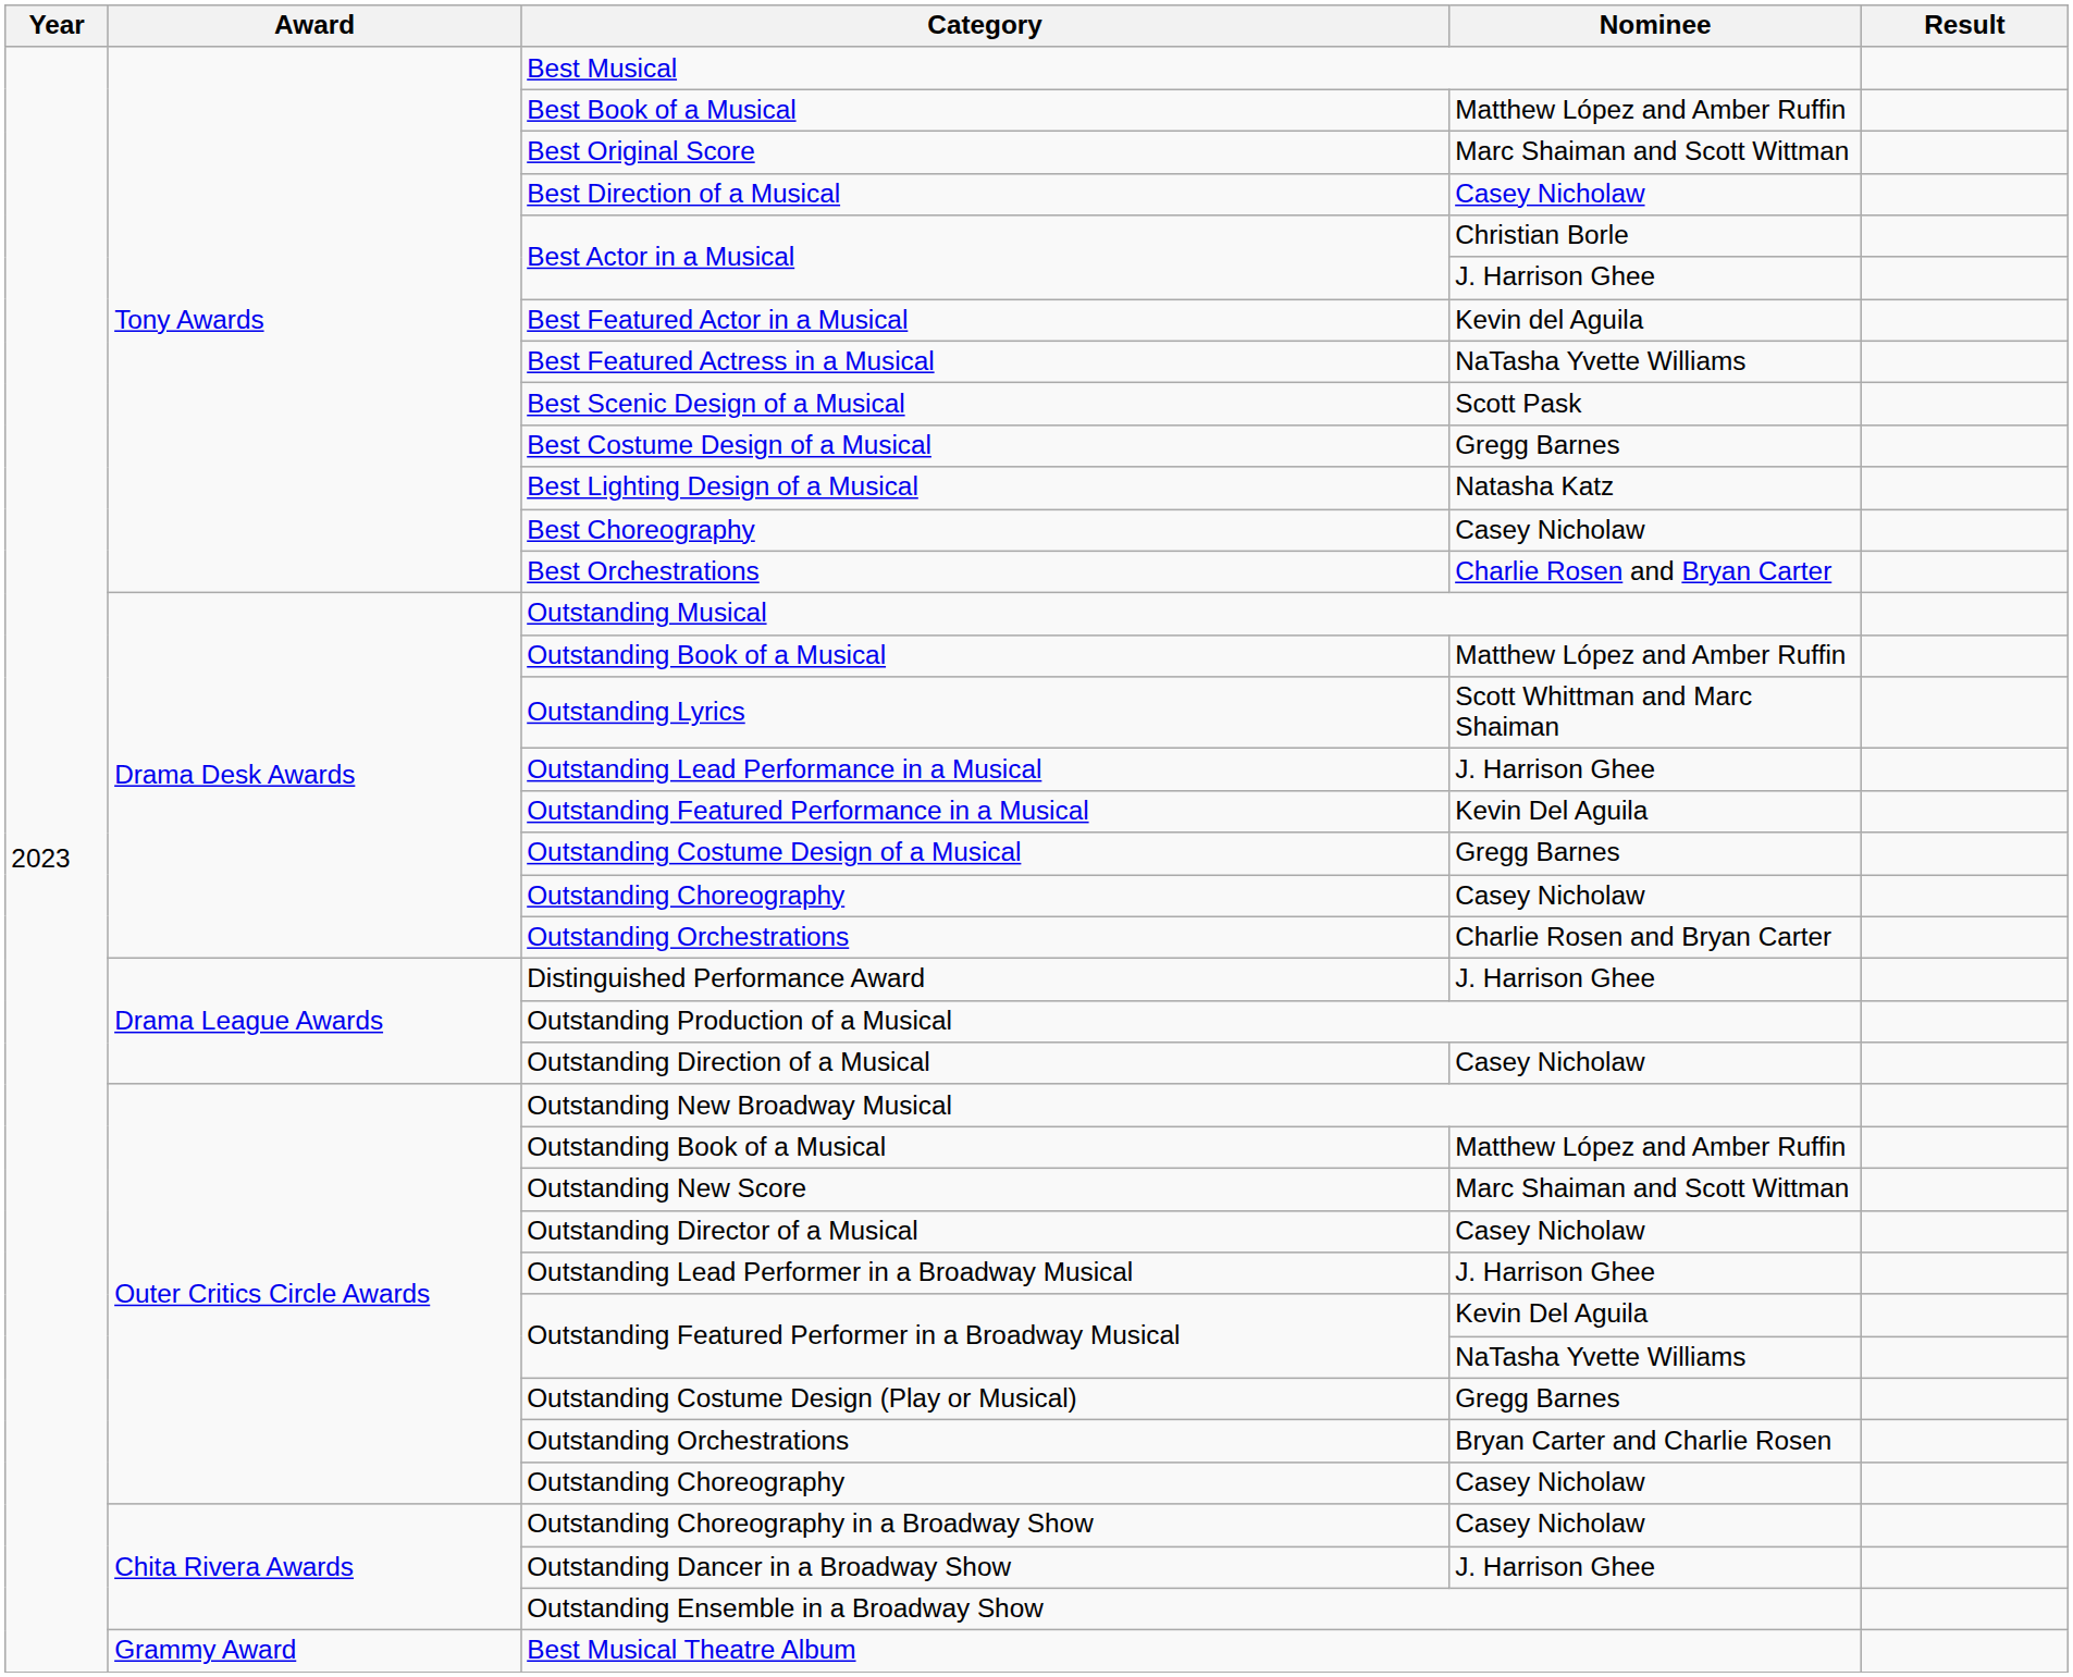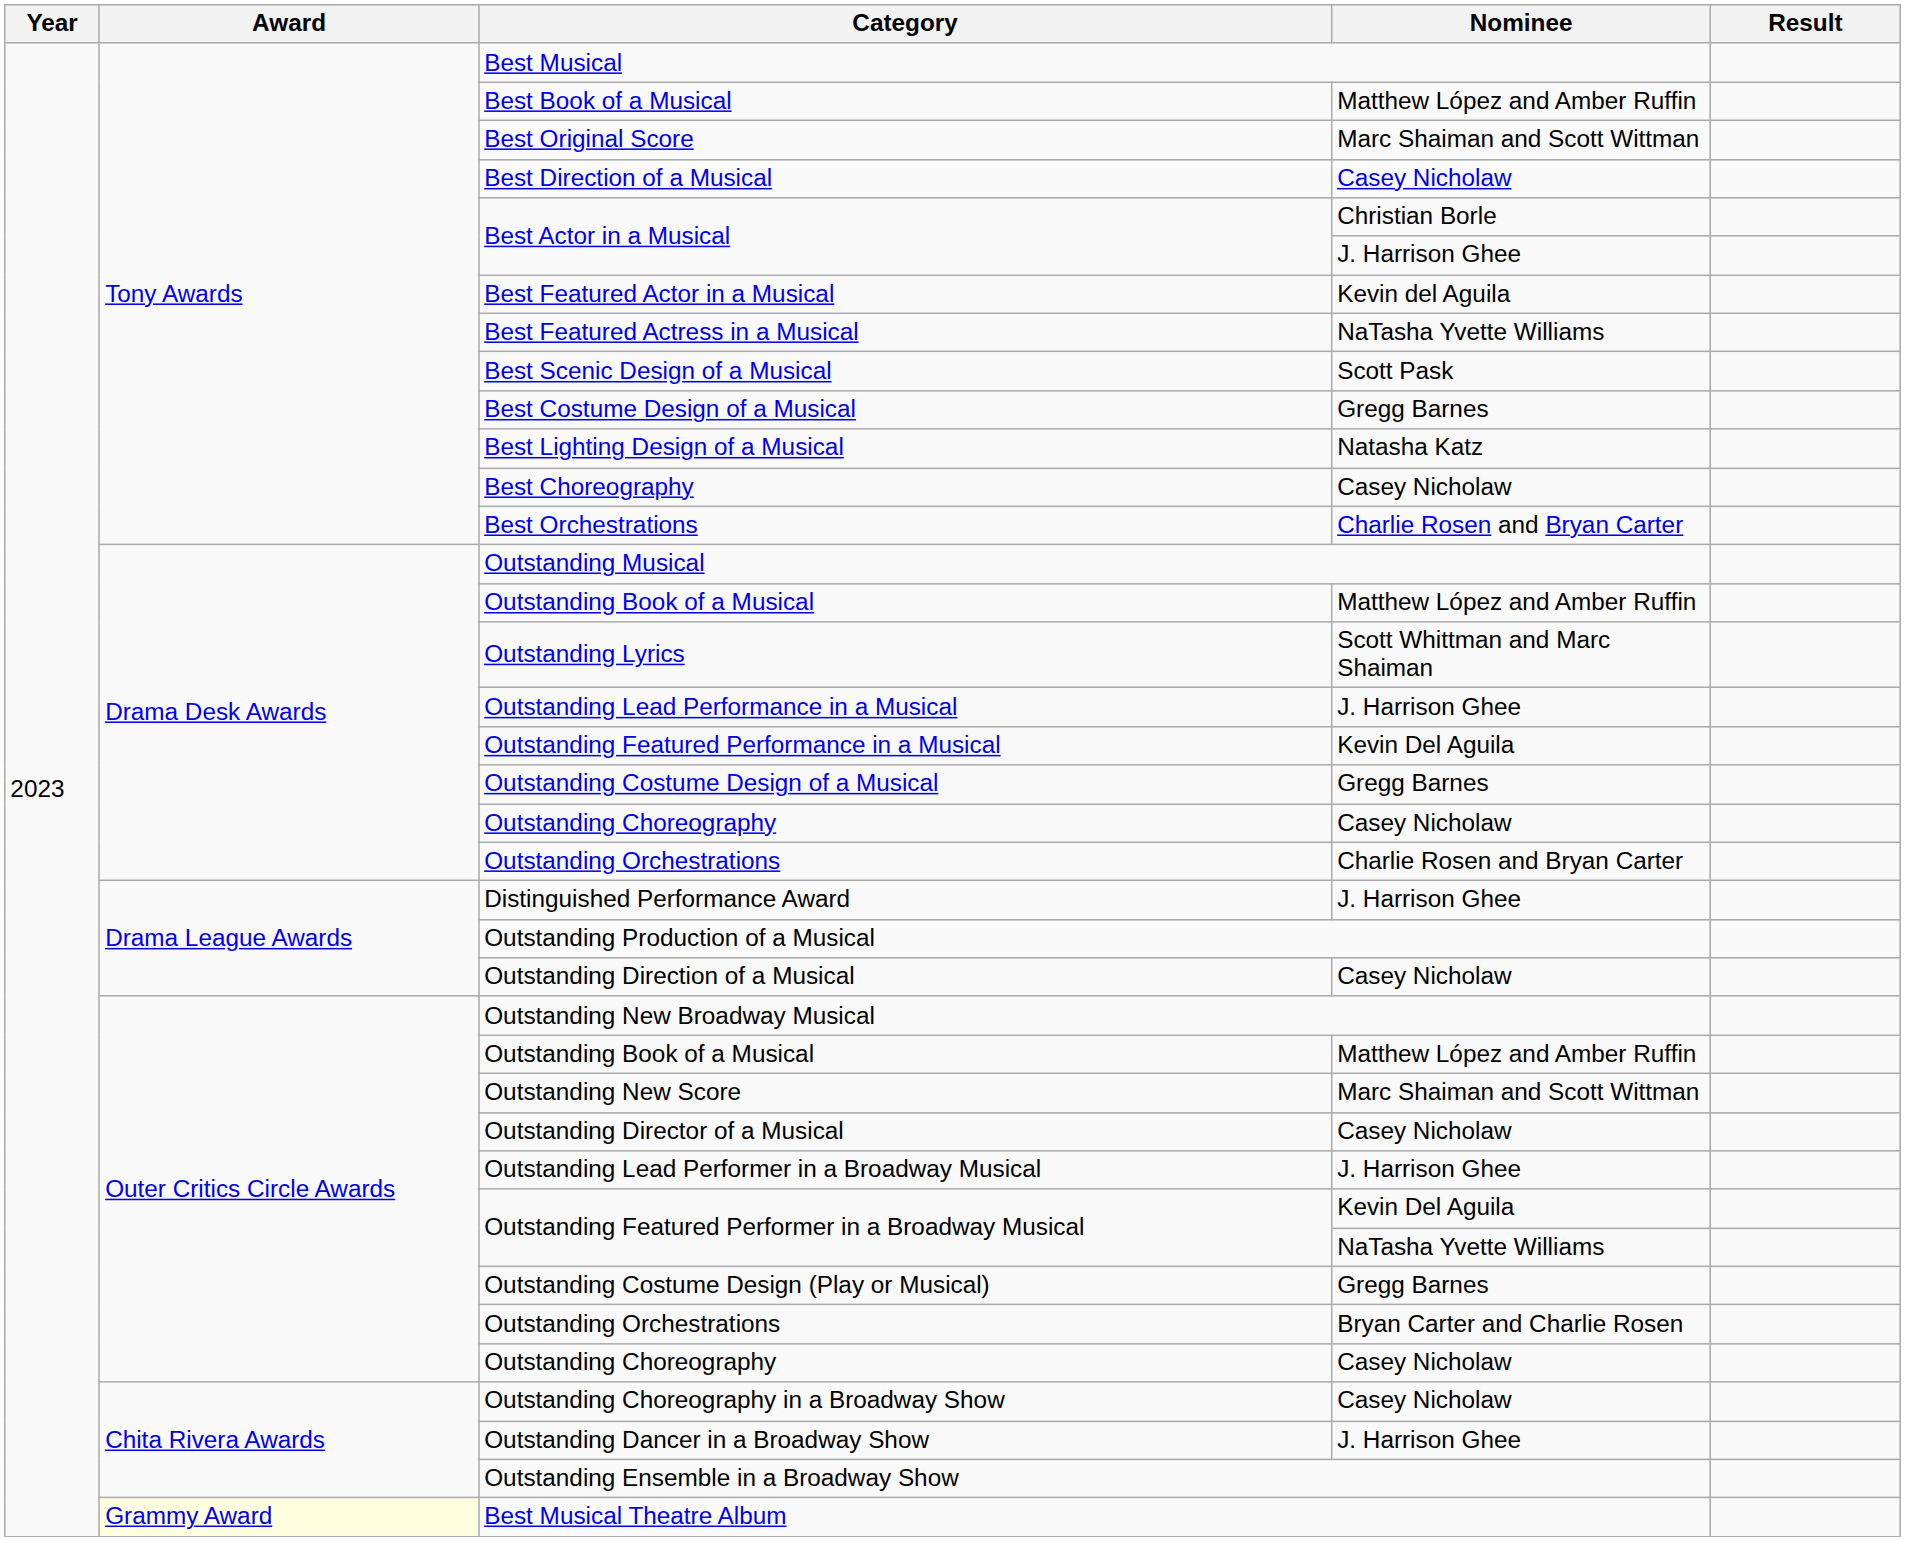 <table class="wikitable">
 <tr>
 <th width="5%">Year</th>
 <th width="20%">Award</th>
 <th width="45%">Category</th>
 <th width="20%">Nominee</th>
 <th width="10%">Result</th>
 </tr>
 <tr>
 <td rowspan="38">2023</td>
 <td rowspan="13"><a href='#'>Tony Awards</a></td>
 <td colspan="2"><a href='#'>Best Musical</a></td>
 <td></td>
 </tr>
 <tr>
 <td><a href='#'>Best Book of a Musical</a></td>
 <td>Matthew López and Amber Ruffin</td>
 <td></td>
 </tr>
 <tr>
 <td><a href='#'>Best Original Score</a></td>
 <td>Marc Shaiman and Scott Wittman</td>
 <td></td>
 </tr>
 <tr>
 <td><a href='#'>Best Direction of a Musical</a></td>
 <td><a href='#'>Casey Nicholaw</a></td>
 <td></td>
 </tr>
 <tr>
 <td rowspan="2"><a href='#'>Best Actor in a Musical</a></td>
 <td>Christian Borle</td>
 <td></td>
 </tr>
 <tr>
 <td>J. Harrison Ghee</td>
 <td></td>
 </tr>
 <tr>
 <td><a href='#'>Best Featured Actor in a Musical</a></td>
 <td>Kevin del Aguila</td>
 <td></td>
 </tr>
 <tr>
 <td><a href='#'>Best Featured Actress in a Musical</a></td>
 <td>NaTasha Yvette Williams</td>
 <td></td>
 </tr>
 <tr>
 <td><a href='#'>Best Scenic Design of a Musical</a></td>
 <td>Scott Pask</td>
 <td></td>
 </tr>
 <tr>
 <td><a href='#'>Best Costume Design of a Musical</a></td>
 <td>Gregg Barnes</td>
 <td></td>
 </tr>
 <tr>
 <td><a href='#'>Best Lighting Design of a Musical</a></td>
 <td>Natasha Katz</td>
 <td></td>
 </tr>
 <tr>
 <td><a href='#'>Best Choreography</a></td>
 <td>Casey Nicholaw</td>
 <td></td>
 </tr>
 <tr>
 <td><a href='#'>Best Orchestrations</a></td>
 <td><a href='#'>Charlie Rosen</a> and <a href='#'>Bryan Carter</a></td>
 <td></td>
 </tr>
 <tr>
 <td rowspan="8"><a href='#'>Drama Desk Awards</a></td>
 <td colspan="2"><a href='#'>Outstanding Musical</a></td>
 <td></td>
 </tr>
 <tr>
 <td><a href='#'>Outstanding Book of a Musical</a></td>
 <td>Matthew López and Amber Ruffin</td>
 <td></td>
 </tr>
 <tr>
 <td><a href='#'>Outstanding Lyrics</a></td>
 <td>Scott Whittman and Marc Shaiman</td>
 <td></td>
 </tr>
 <tr>
 <td><a href='#'>Outstanding Lead Performance in a Musical</a></td>
 <td>J. Harrison Ghee</td>
 <td></td>
 </tr>
 <tr>
 <td><a href='#'>Outstanding Featured Performance in a Musical</a></td>
 <td>Kevin Del Aguila</td>
 <td></td>
 </tr>
 <tr>
 <td><a href='#'>Outstanding Costume Design of a Musical</a></td>
 <td>Gregg Barnes</td>
 <td></td>
 </tr>
 <tr>
 <td><a href='#'>Outstanding Choreography</a></td>
 <td>Casey Nicholaw</td>
 <td></td>
 </tr>
 <tr>
 <td><a href='#'>Outstanding Orchestrations</a></td>
 <td>Charlie Rosen and Bryan Carter</td>
 <td></td>
 </tr>
 <tr>
 <td rowspan="3"><a href='#'>Drama League Awards</a></td>
 <td>Distinguished Performance Award</td>
 <td>J. Harrison Ghee</td>
 <td></td>
 </tr>
 <tr>
 <td colspan="2">Outstanding Production of a Musical</td>
 <td></td>
 </tr>
 <tr>
 <td>Outstanding Direction of a Musical</td>
 <td>Casey Nicholaw</td>
 <td></td>
 </tr>
 <tr>
 <td rowspan="10"><a href='#'>Outer Critics Circle Awards</a></td>
 <td colspan="2">Outstanding New Broadway Musical</td>
 <td></td>
 </tr>
 <tr>
 <td>Outstanding Book of a Musical</td>
 <td>Matthew López and Amber Ruffin</td>
 <td></td>
 </tr>
 <tr>
 <td>Outstanding New Score</td>
 <td>Marc Shaiman and Scott Wittman</td>
 <td></td>
 </tr>
 <tr>
 <td>Outstanding Director of a Musical</td>
 <td>Casey Nicholaw</td>
 <td></td>
 </tr>
 <tr>
 <td>Outstanding Lead Performer in a Broadway Musical</td>
 <td>J. Harrison Ghee</td>
 <td></td>
 </tr>
 <tr>
 <td rowspan="2">Outstanding Featured Performer in a Broadway Musical</td>
 <td>Kevin Del Aguila</td>
 <td></td>
 </tr>
 <tr>
 <td>NaTasha Yvette Williams</td>
 <td></td>
 </tr>
 <tr>
 <td>Outstanding Costume Design (Play or Musical)</td>
 <td>Gregg Barnes</td>
 <td></td>
 </tr>
 <tr>
 <td>Outstanding Orchestrations</td>
 <td>Bryan Carter and Charlie Rosen</td>
 <td></td>
 </tr>
 <tr>
 <td>Outstanding Choreography</td>
 <td>Casey Nicholaw</td>
 <td></td>
 </tr>
 <tr>
 <td rowspan="3"><a href='#'>Chita Rivera Awards</a></td>
 <td>Outstanding Choreography in a Broadway Show</td>
 <td>Casey Nicholaw</td>
 <td></td>
 </tr>
 <tr>
 <td>Outstanding Dancer in a Broadway Show</td>
 <td>J. Harrison Ghee</td>
 <td></td>
 </tr>
 <tr>
 <td colspan="2">Outstanding Ensemble in a Broadway Show</td>
 <td></td>
 </tr>
 <tr>
-<td><a href='#'>Grammy Award</a></td>
+<td style="background: lightyellow;"><a href='#'>Grammy Award</a></td>
 <td colspan="2"><a href='#'>Best Musical Theatre Album</a></td>
 <td></td>
 </tr>
 <tr>
 </tr>
 </table>
